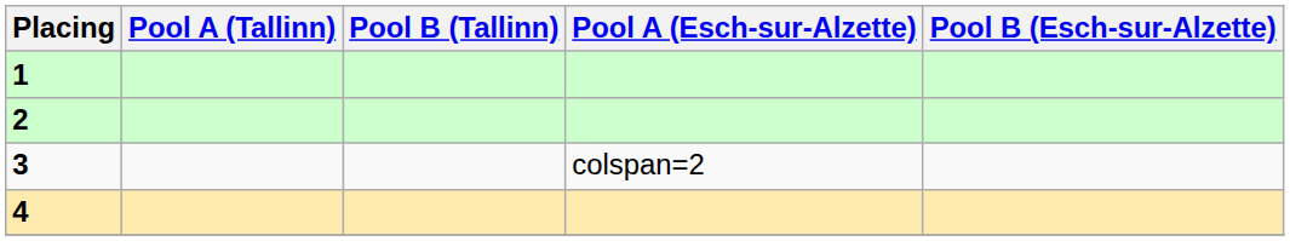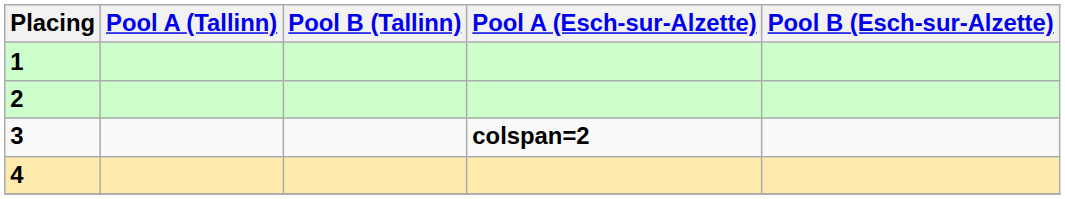 <table class=wikitable style="border:1px solid #AAAAAA;">
 <tr>
 <th>Placing</th>
 <th><a href='#'>Pool A (Tallinn)</a></th>
 <th><a href='#'>Pool B (Tallinn)</a></th>
 <th><a href='#'>Pool A (Esch-sur-Alzette)</a></th>
 <th><a href='#'>Pool B (Esch-sur-Alzette)</a></th>
 </tr>
 <tr style="background: #ccffcc;">
 <td><strong>1</strong></td>
 <td></td>
 <td></td>
 <td></td>
 <td></td>
 </tr>
 <tr style="background: #ccffcc;">
 <td><strong>2</strong></td>
 <td></td>
 <td></td>
 <td></td>
 <td></td>
 </tr>
 <tr>
 <td><strong>3</strong></td>
 <td></td>
 <td></td>
-<td>colspan=2 </td>
+<td><strong>colspan=2 </strong></td>
 </tr>
 <tr style="background: #ffebad;">
 <td><strong>4</strong></td>
 <td></td>
 <td></td>
 <td></td>
 <td></td>
 </tr>
 <tr>
 </tr>
 </table>
